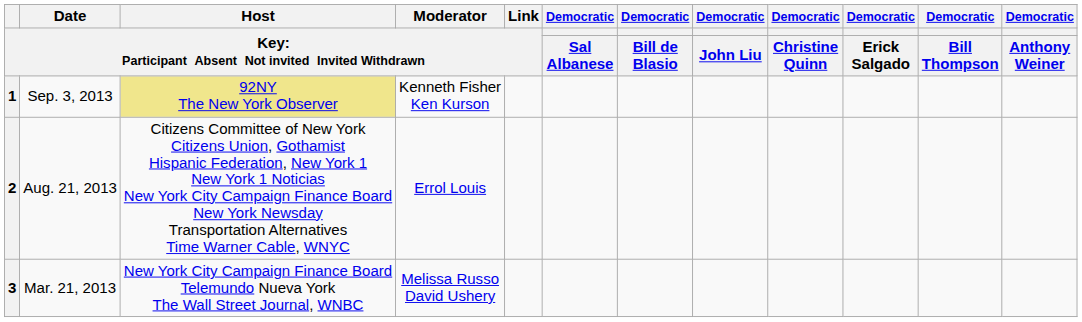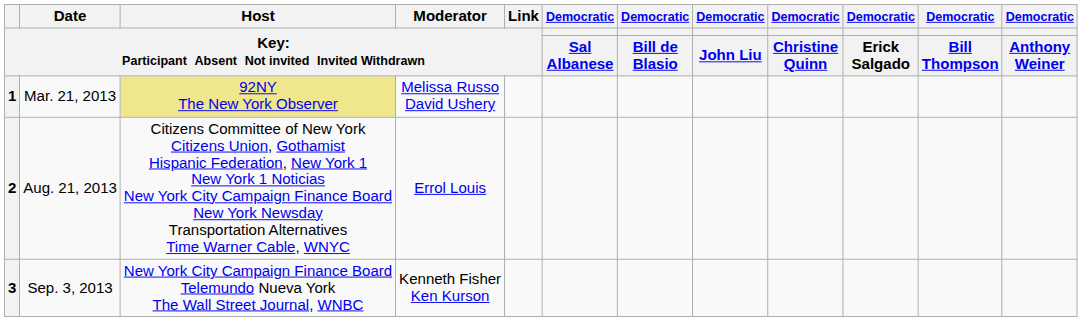 <table class="wikitable" style="text-align:center;">
 <tr>
 <th scope="col"></th>
 <th scope="col">Date</th>
 <th scope="col">Host</th>
 <th scope="col">Moderator</th>
 <th scope="col">Link</th>
 <th scope="col"><small><a href='#'>Democratic</a></small></th>
 <th scope="col"><small><a href='#'>Democratic</a></small></th>
 <th scope="col"><small><a href='#'>Democratic</a></small></th>
 <th scope="col"><small><a href='#'>Democratic</a></small></th>
 <th scope="col"><small><a href='#'>Democratic</a></small></th>
 <th scope="col"><small><a href='#'>Democratic</a></small></th>
 <th scope="col"><small><a href='#'>Democratic</a></small></th>
 </tr>
 <tr>
 <th colspan="5" rowspan="2">Key:<br> <small>Participant </small>  <small>Absent </small>  <small>Not invited </small>  <small>Invited  Withdrawn</small></th>
 <th scope="col" style="background:"></th>
 <th scope="col" style="background:"></th>
 <th scope="col" style="background:"></th>
 <th scope="col" style="background:"></th>
 <th scope="col" style="background:"></th>
 <th scope="col" style="background:"></th>
 <th scope="col" style="background:"></th>
 </tr>
 <tr>
 <th scope="col"><a href='#'>Sal Albanese</a></th>
 <th scope="col"><a href='#'>Bill de Blasio</a></th>
 <th scope="col"><a href='#'>John Liu</a></th>
 <th scope="col"><a href='#'>Christine Quinn</a></th>
 <th scope="col">Erick Salgado</th>
 <th scope="col"><a href='#'>Bill Thompson</a></th>
 <th scope="col"><a href='#'>Anthony Weiner</a></th>
 </tr>
 <tr>
 <th>1</th>
-<td style="white-space:nowrap;">Sep. 3, 2013</td>
+<td style="white-space:nowrap;">Mar. 21, 2013</td>
 <td style="background: khaki; white-space:nowrap;"><a href='#'>92NY</a><br><a href='#'>The New York Observer</a></td>
-<td style="white-space:nowrap;">Kenneth Fisher<br><a href='#'>Ken Kurson</a></td>
+<td style="white-space:nowrap;"><a href='#'>Melissa Russo</a><br><a href='#'>David Ushery</a></td>
 <td style="white-space:nowrap;"></td>
 <td></td>
 <td></td>
 <td></td>
 <td></td>
 <td></td>
 <td></td>
 <td></td>
 </tr>
 <tr>
 <th>2</th>
 <td style="white-space:nowrap;">Aug. 21, 2013</td>
 <td style="white-space:nowrap;">Citizens Committee of New York<br><a href='#'>Citizens Union</a>, <a href='#'>Gothamist</a><br><a href='#'>Hispanic Federation</a>, <a href='#'>New York 1</a><br><a href='#'>New York 1 Noticias</a><br><a href='#'>New York City Campaign Finance Board</a><br><a href='#'>New York Newsday</a><br>Transportation Alternatives<br><a href='#'>Time Warner Cable</a>, <a href='#'>WNYC</a></td>
 <td style="white-space:nowrap;"><a href='#'>Errol Louis</a></td>
 <td style="white-space:nowrap;"></td>
 <td></td>
 <td></td>
 <td></td>
 <td></td>
 <td></td>
 <td></td>
 <td></td>
 </tr>
 <tr>
 <th>3</th>
-<td style="white-space:nowrap;">Mar. 21, 2013</td>
+<td style="white-space:nowrap;">Sep. 3, 2013</td>
 <td style="white-space:nowrap;"><a href='#'>New York City Campaign Finance Board</a><br><a href='#'>Telemundo</a> Nueva York<br><a href='#'>The Wall Street Journal</a>, <a href='#'>WNBC</a></td>
-<td style="white-space:nowrap;"><a href='#'>Melissa Russo</a><br><a href='#'>David Ushery</a></td>
+<td style="white-space:nowrap;">Kenneth Fisher<br><a href='#'>Ken Kurson</a></td>
 <td style="white-space:nowrap;"></td>
 <td></td>
 <td></td>
 <td></td>
 <td></td>
 <td></td>
 <td></td>
 <td></td>
 </tr>
 </table>
